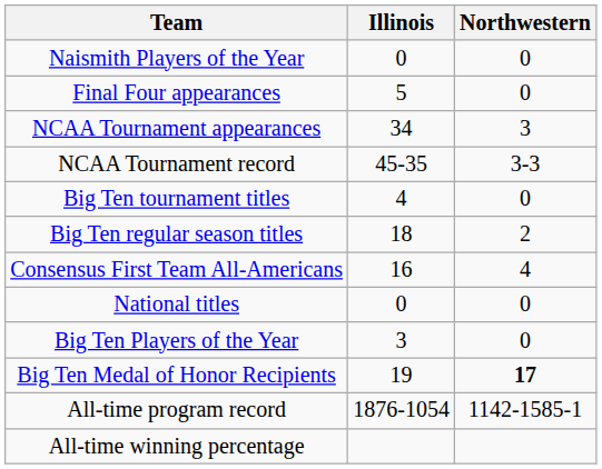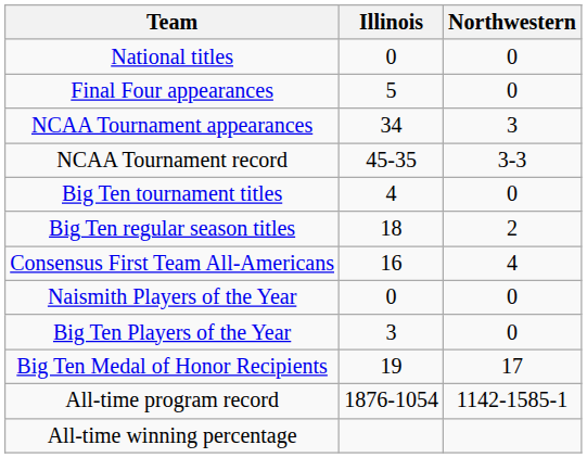 <table class="wikitable" style="text-align:center;">
 <tr>
 <th>Team</th>
 <th>Illinois</th>
 <th>Northwestern</th>
 </tr>
 <tr>
-<td><a href='#'>Naismith Players of the Year</a></td>
+<td><a href='#'>National titles</a></td>
 <td style=>0</td>
 <td>0</td>
 </tr>
 <tr>
 <td><a href='#'>Final Four appearances</a></td>
 <td style=>5</td>
 <td>0</td>
 </tr>
 <tr>
 <td><a href='#'>NCAA Tournament appearances</a></td>
 <td style=>34</td>
 <td>3</td>
 </tr>
 <tr>
 <td>NCAA Tournament record</td>
 <td style=>45-35</td>
 <td>3-3</td>
 </tr>
 <tr>
 <td><a href='#'>Big Ten tournament titles</a></td>
 <td style=>4</td>
 <td>0</td>
 </tr>
 <tr>
 <td><a href='#'>Big Ten regular season titles</a></td>
 <td style=>18</td>
 <td>2</td>
 </tr>
 <tr>
 <td><a href='#'>Consensus First Team All-Americans</a></td>
 <td style=>16</td>
 <td>4</td>
 </tr>
 <tr>
-<td><a href='#'>National titles</a></td>
+<td><a href='#'>Naismith Players of the Year</a></td>
 <td style=>0</td>
 <td>0</td>
 </tr>
 <tr>
 <td><a href='#'>Big Ten Players of the Year</a></td>
 <td style=>3</td>
 <td>0</td>
 </tr>
 <tr>
 <td><a href='#'>Big Ten Medal of Honor Recipients</a></td>
 <td style=>19</td>
-<td><strong>17</strong></td>
+<td>17</td>
 </tr>
 <tr>
 <td>All-time program record</td>
 <td style=>1876-1054</td>
 <td>1142-1585-1</td>
 </tr>
 <tr>
 <td>All-time winning percentage</td>
 <td></td>
 <td></td>
 </tr>
 </table>
